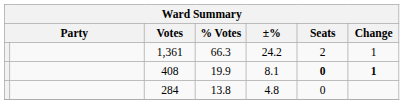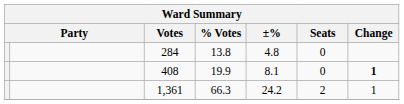 <table class="wikitable" style="font-size: 95%;">
 <tr>
 <th colspan="7">Ward Summary</th>
 </tr>
 <tr>
 <th colspan="2">Party</th>
 <th style="width: 60px">Votes</th>
 <th style="width: 60px">% Votes</th>
 <th style="width: 60px">±%</th>
 <th style="width: 60px">Seats</th>
 <th style="width: 60px">Change</th>
 </tr>
 <tr>
 <th style="background-color: "></th>
 <td style="width: 170px"><a href='#'></a></td>
+<td align="center">284</td>
+<td align="center">13.8</td>
+<td align="center">4.8</td>
+<td align="center">0</td>
+<td align="center"></td>
+</tr>
+<tr>
+<th style="background-color: "></th>
+<td style="width: 170px"><a href='#'></a></td>
+<td align="center">408</td>
+<td align="center">19.9</td>
+<td align="center">8.1</td>
+<td align="center">0</td>
+<td align="center"><strong>1</strong></td>
+</tr>
+<tr>
+<th style="background-color: "></th>
+<td style="width: 170px"><a href='#'></a></td>
 <td align="center">1,361</td>
 <td align="center">66.3</td>
 <td align="center">24.2</td>
 <td align="center">2</td>
 <td align="center">1</td>
 </tr>
 <tr>
-<th style="background-color: "></th>
-<td style="width: 170px"><a href='#'></a></td>
-<td align="center">408</td>
-<td align="center">19.9</td>
-<td align="center">8.1</td>
-<td align="center"><strong>0</strong></td>
-<td align="center"><strong>1</strong></td>
-</tr>
-<tr>
-<th style="background-color: "></th>
-<td style="width: 170px"><a href='#'></a></td>
-<td align="center">284</td>
-<td align="center">13.8</td>
-<td align="center">4.8</td>
-<td align="center">0</td>
-<td align="center"></td>
-</tr>
-<tr>
 </tr>
 </table>
